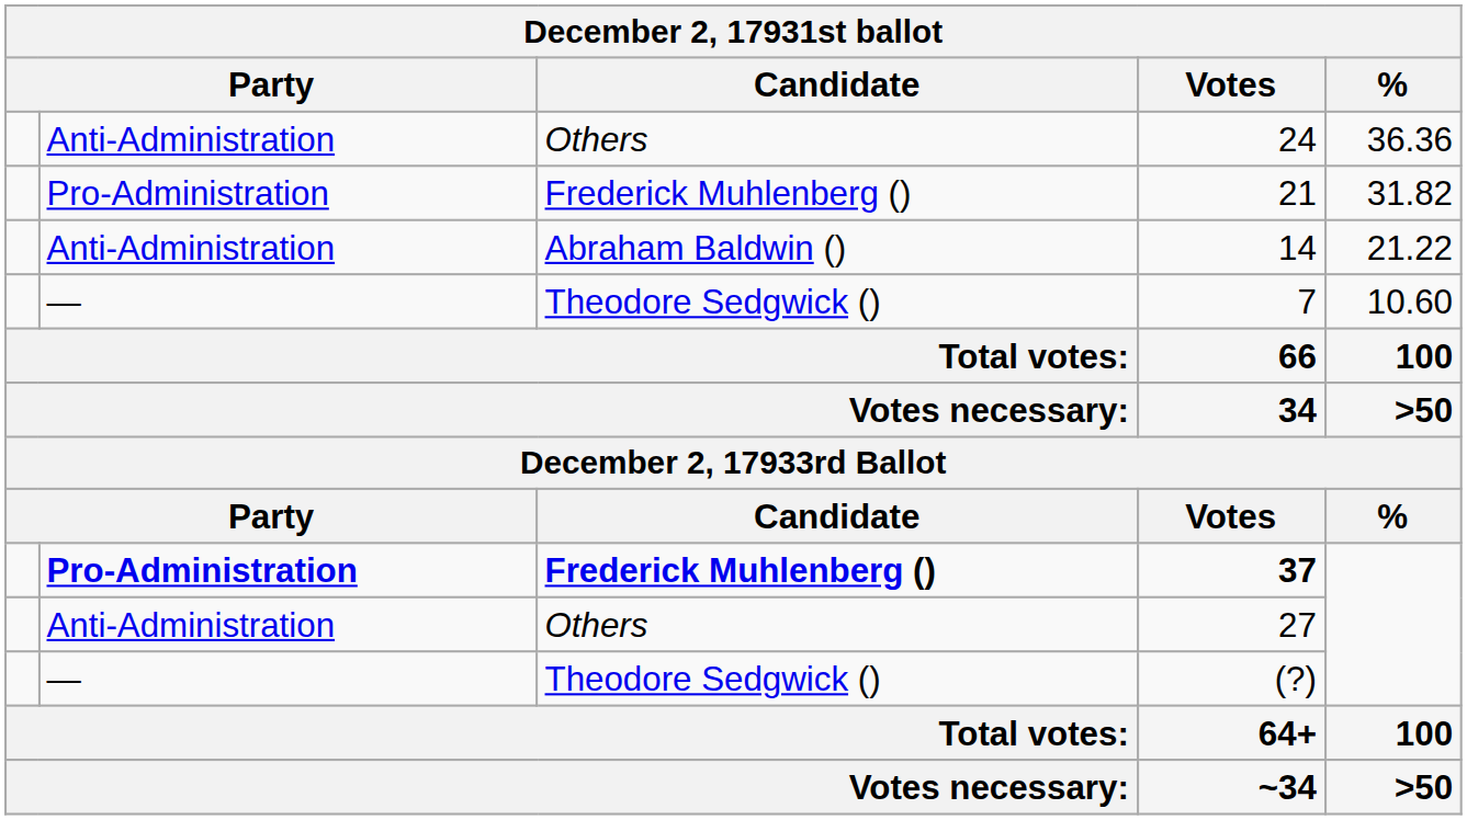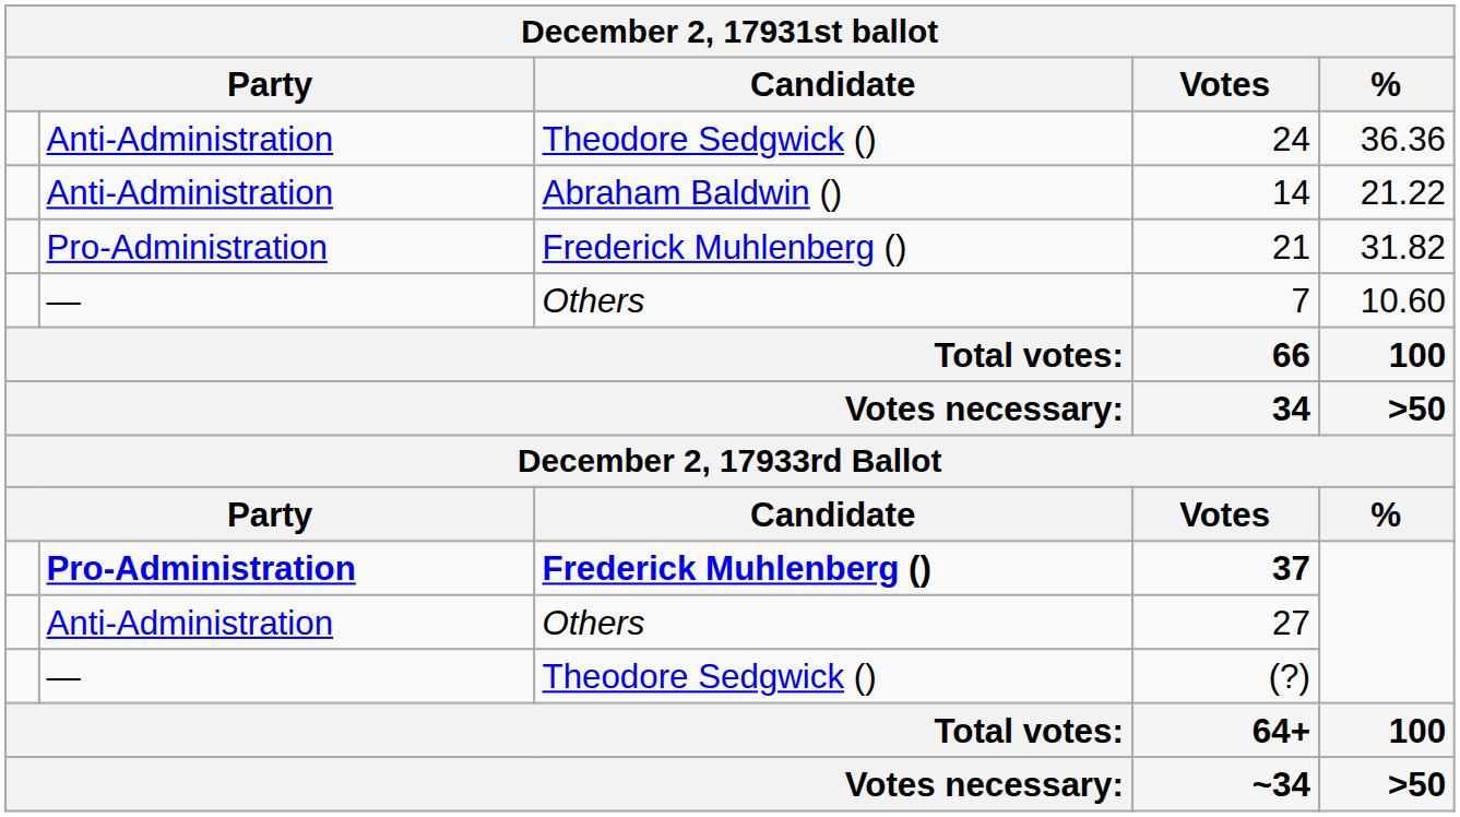 <table class="wikitable" style="margin-right:1em; font-size:95%">
 <tr>
 <th colspan=5 style="font-size:95%">December 2, 17931st ballot</th>
 </tr>
 <tr>
 <th scope="col" colspan="2" style="width: 15em">Party</th>
 <th scope="col" style="width: 17em">Candidate</th>
 <th scope="col" style="width: 5em">Votes</th>
 <th scope="col" style="width: 3.5em">%</th>
 </tr>
 <tr>
 <td style="width: 0.5em; background:"></td>
 <td><a href='#'>Anti-Administration</a></td>
-<td><em>Others</em></td>
+<td><a href='#'>Theodore Sedgwick</a> ()</td>
 <td style="text-align:right">24</td>
 <td style="text-align:right">36.36</td>
+</tr>
+<tr>
+<td style="background:"></td>
+<td><a href='#'>Anti-Administration</a></td>
+<td><a href='#'>Abraham Baldwin</a> ()</td>
+<td style="text-align:right">14</td>
+<td style="text-align:right">21.22</td>
 </tr>
 <tr>
 <td style="background:"></td>
 <td><a href='#'>Pro-Administration</a></td>
 <td><a href='#'>Frederick Muhlenberg</a> ()</td>
 <td style="text-align:right">21</td>
 <td style="text-align:right">31.82</td>
 </tr>
 <tr>
 <td style="background:"></td>
-<td><a href='#'>Anti-Administration</a></td>
-<td><a href='#'>Abraham Baldwin</a> ()</td>
-<td style="text-align:right">14</td>
-<td style="text-align:right">21.22</td>
-</tr>
-<tr>
-<td style="background:"></td>
 <td>—</td>
-<td><a href='#'>Theodore Sedgwick</a> ()</td>
+<td><em>Others</em></td>
 <td style="text-align:right">7</td>
 <td style="text-align:right">10.60</td>
 </tr>
 <tr>
 <th colspan=3 style="text-align:right">Total votes:</th>
 <td style="text-align:right; background:#f5f5f5"><strong>66</strong></td>
 <td style="text-align:right; background:#f5f5f5"><strong>100</strong></td>
 </tr>
 <tr>
 <th colspan=3 style="text-align:right">Votes necessary:</th>
 <td style="text-align:right; background:#f5f5f5"><strong>34</strong></td>
 <td style="text-align:right; background:#f5f5f5"><strong>>50</strong></td>
 </tr>
 <tr>
 <th colspan=5 style="font-size:95%">December 2, 17933rd Ballot</th>
 </tr>
 <tr>
 <th scope="col" colspan="2" style="width: 15em">Party</th>
 <th scope="col" style="width: 17em">Candidate</th>
 <th scope="col" style="width: 5em">Votes</th>
 <th scope="col" style="width: 3.5em">%</th>
 </tr>
 <tr>
 <td style="background:"></td>
 <td><strong><a href='#'>Pro-Administration</a></strong></td>
 <td><strong><a href='#'>Frederick Muhlenberg</a> ()</strong></td>
 <td style="text-align:right"><strong>37</strong></td>
 <td rowspan=3 style="text-align:center"></td>
 </tr>
 <tr>
 <td style="background:"></td>
 <td><a href='#'>Anti-Administration</a></td>
 <td><em>Others</em></td>
 <td style="text-align:right">27</td>
 </tr>
 <tr>
 <td style="background:"></td>
 <td>—</td>
 <td><a href='#'>Theodore Sedgwick</a> ()</td>
 <td style="text-align:right">(?)</td>
 </tr>
 <tr>
 <th colspan=3 style="text-align:right">Total votes:</th>
 <td style="text-align:right; background:#f5f5f5"><strong>64+</strong></td>
 <td style="text-align:right; background:#f5f5f5"><strong>100</strong></td>
 </tr>
 <tr>
 <th colspan=3 style="text-align:right">Votes necessary:</th>
 <td style="text-align:right; background:#f5f5f5"><strong>~34</strong></td>
 <td style="text-align:right; background:#f5f5f5"><strong>>50</strong></td>
 </tr>
 </table>
